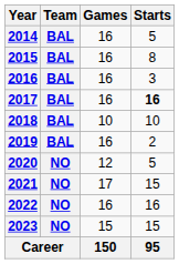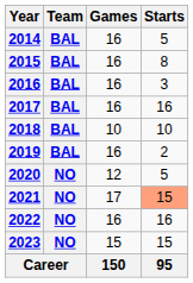 <table class="wikitable" style="text-align: center;">
 <tr>
 <th>Year</th>
 <th>Team</th>
 <th>Games</th>
 <th>Starts</th>
 </tr>
 <tr>
 <th><a href='#'>2014</a></th>
 <th><a href='#'>BAL</a></th>
 <td>16</td>
 <td>5</td>
 </tr>
 <tr>
 <th><a href='#'>2015</a></th>
 <th><a href='#'>BAL</a></th>
 <td>16</td>
 <td>8</td>
 </tr>
 <tr>
 <th><a href='#'>2016</a></th>
 <th><a href='#'>BAL</a></th>
 <td>16</td>
 <td>3</td>
 </tr>
 <tr>
 <th><a href='#'>2017</a></th>
 <th><a href='#'>BAL</a></th>
 <td>16</td>
-<td><strong>16</strong></td>
+<td>16</td>
 </tr>
 <tr>
 <th><a href='#'>2018</a></th>
 <th><a href='#'>BAL</a></th>
 <td>10</td>
 <td>10</td>
 </tr>
 <tr>
 <th><a href='#'>2019</a></th>
 <th><a href='#'>BAL</a></th>
 <td>16</td>
 <td>2</td>
 </tr>
 <tr>
 <th><a href='#'>2020</a></th>
 <th><a href='#'>NO</a></th>
 <td>12</td>
 <td>5</td>
 </tr>
 <tr>
 <th><a href='#'>2021</a></th>
 <th><a href='#'>NO</a></th>
 <td>17</td>
-<td>15</td>
+<td style="background: lightsalmon;">15</td>
 </tr>
 <tr>
 <th><a href='#'>2022</a></th>
 <th><a href='#'>NO</a></th>
 <td>16</td>
 <td>16</td>
 </tr>
 <tr>
 <th><a href='#'>2023</a></th>
 <th><a href='#'>NO</a></th>
 <td>15</td>
 <td>15</td>
 </tr>
 <tr>
 <th colspan="2">Career</th>
 <th>150</th>
 <th>95</th>
 </tr>
 </table>
